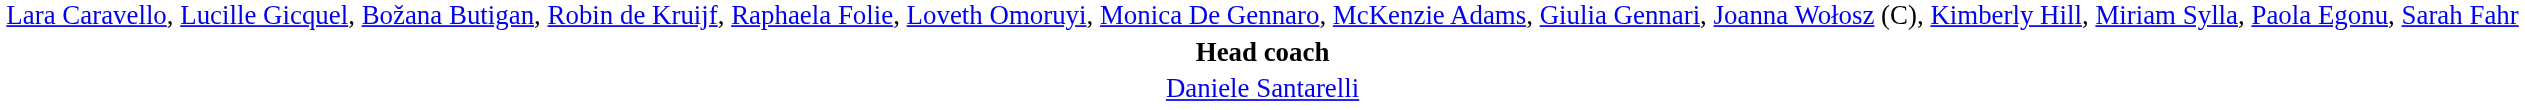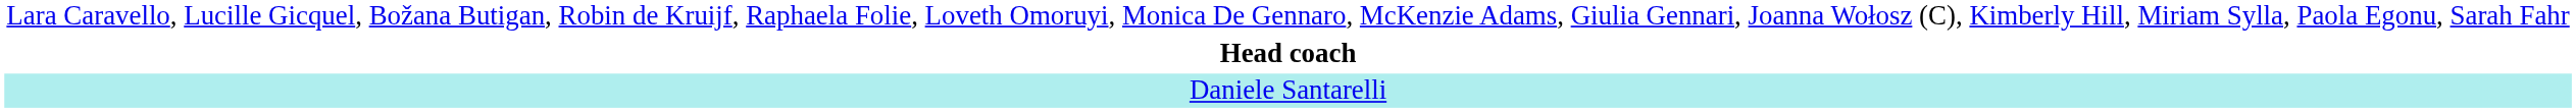 <table style="text-align: center; margin-top: 2em; margin-left: auto; margin-right: auto">
 <tr>
 <td><a href='#'>Lara Caravello</a>, <a href='#'>Lucille Gicquel</a>, <a href='#'>Božana Butigan</a>, <a href='#'>Robin de Kruijf</a>, <a href='#'>Raphaela Folie</a>, <a href='#'>Loveth Omoruyi</a>, <a href='#'>Monica De Gennaro</a>, <a href='#'>McKenzie Adams</a>, <a href='#'>Giulia Gennari</a>, <a href='#'>Joanna Wołosz</a> (C), <a href='#'>Kimberly Hill</a>, <a href='#'>Miriam Sylla</a>, <a href='#'>Paola Egonu</a>, <a href='#'>Sarah Fahr</a></td>
 </tr>
 <tr>
 <td><strong>Head coach</strong></td>
 </tr>
 <tr>
-<td><a href='#'>Daniele Santarelli</a></td>
+<td style="background: paleturquoise;"><a href='#'>Daniele Santarelli</a></td>
 </tr>
 </table>
